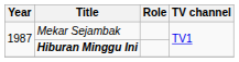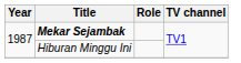 <table class="wikitable plainrowheaders sortable">
 <tr>
 <th scope="col">Year</th>
 <th scope="col">Title</th>
 <th scope="col">Role</th>
 <th scope="col">TV channel</th>
 </tr>
 <tr>
 <td rowspan="2">1987</td>
-<td><em>Mekar Sejambak</em></td>
+<td><strong><em>Mekar Sejambak</em></strong></td>
 <td></td>
 <td rowspan="2"><a href='#'>TV1</a></td>
 </tr>
 <tr>
-<td><strong><em>Hiburan Minggu Ini</em></strong></td>
+<td><em>Hiburan Minggu Ini</em></td>
 <td></td>
 </tr>
 <tr>
 </tr>
 </table>
